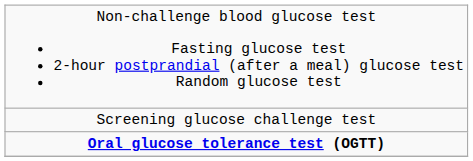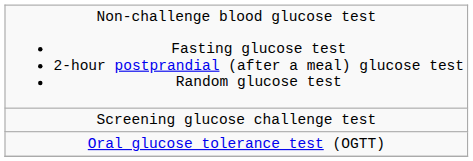 <table class="wikitable" style = "float: right; margin-left:15px; text-align:center">
 <tr>
 <td>Non-challenge blood glucose test<br><ul><li>Fasting glucose test</li><li>2-hour <a href='#'>postprandial</a> (after a meal) glucose test</li><li>Random glucose test</li></ul></td>
 </tr>
 <tr>
 <td>Screening glucose challenge test</td>
 </tr>
 <tr>
-<td><strong><a href='#'>Oral glucose tolerance test</a> (OGTT)</strong></td>
+<td><a href='#'>Oral glucose tolerance test</a> (OGTT)</td>
 </tr>
 <tr>
 </tr>
 </table>
